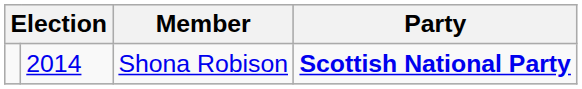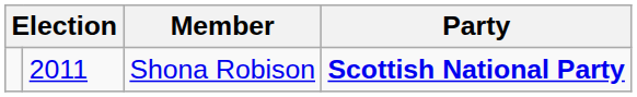 <table class="wikitable">
 <tr>
 <th colspan="2">Election</th>
 <th>Member</th>
 <th>Party</th>
 </tr>
 <tr>
 <td style="background-color: "></td>
-<td><a href='#'>2014</a></td>
+<td><a href='#'>2011</a></td>
 <td><a href='#'>Shona Robison</a></td>
 <td><strong><a href='#'>Scottish National Party</a></strong></td>
 </tr>
 </table>
